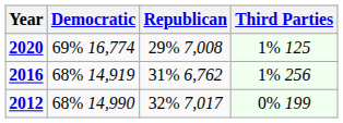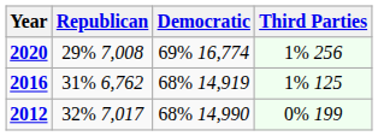 <table class="wikitable" style="float:right; font-size:95%;">
 <tr bgcolor=lightgrey>
 <th>Year</th>
+<th><a href='#'>Republican</a></th>
 <th><a href='#'>Democratic</a></th>
-<th><a href='#'>Republican</a></th>
 <th><a href='#'>Third Parties</a></th>
 </tr>
 <tr>
 <td style="text-align:center; "><strong><a href='#'>2020</a></strong></td>
+<td style="text-align:center; ">29% <em>7,008</em></td>
 <td style="text-align:center; ">69% <em>16,774</em></td>
-<td style="text-align:center; ">29% <em>7,008</em></td>
+<td style="text-align:center; background:honeyDew;">1% <em>256</em></td>
+</tr>
+<tr>
+<td style="text-align:center; "><strong><a href='#'>2016</a></strong></td>
+<td style="text-align:center; ">31% <em>6,762</em></td>
+<td style="text-align:center; ">68% <em>14,919</em></td>
 <td style="text-align:center; background:honeyDew;">1% <em>125</em></td>
 </tr>
 <tr>
-<td style="text-align:center; "><strong><a href='#'>2016</a></strong></td>
-<td style="text-align:center; ">68% <em>14,919</em></td>
-<td style="text-align:center; ">31% <em>6,762</em></td>
-<td style="text-align:center; background:honeyDew;">1% <em>256</em></td>
-</tr>
-<tr>
 <td style="text-align:center; "><strong><a href='#'>2012</a></strong></td>
+<td style="text-align:center; ">32% <em>7,017</em></td>
 <td style="text-align:center; ">68% <em>14,990</em></td>
-<td style="text-align:center; ">32% <em>7,017</em></td>
 <td style="text-align:center; background:honeyDew;">0% <em>199</em></td>
 </tr>
 </table>
